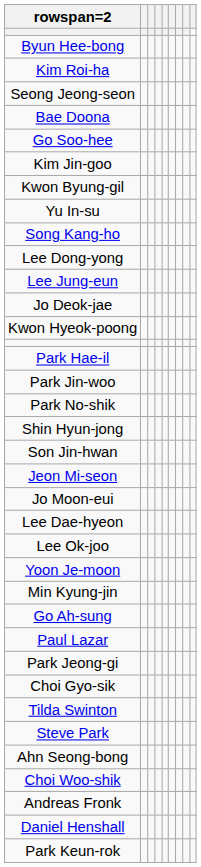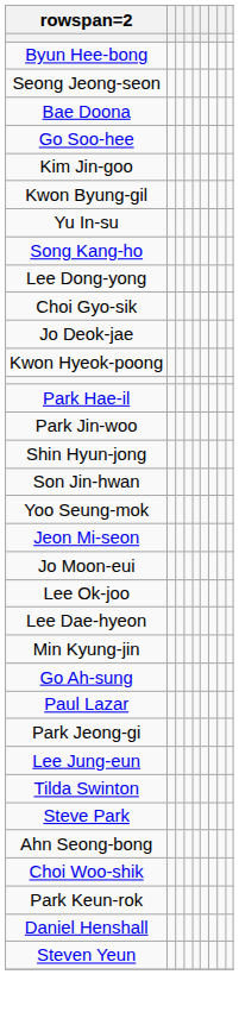 <table class="wikitable plainrowheaders" style="text-align:center;font-size:90%">
 <tr>
 <th>rowspan=2 </th>
 <th></th>
 <th></th>
 <th></th>
 <th></th>
 <th></th>
 <th></th>
 <th></th>
 <th></th>
 </tr>
 <tr>
 <th></th>
 <th></th>
 <th></th>
 <th></th>
 <th></th>
 <th></th>
 <th></th>
 <th></th>
 </tr>
 <tr>
 <td scope="row"><a href='#'>Byun Hee-bong</a></td>
-<td></td>
-<td></td>
-<td></td>
-<td></td>
-<td></td>
-<td></td>
-<td></td>
-<td></td>
-</tr>
-<tr>
-<td scope="row"><a href='#'>Kim Roi-ha</a></td>
 <td></td>
 <td></td>
 <td></td>
 <td></td>
 <td></td>
 <td></td>
 <td></td>
 <td></td>
 </tr>
 <tr>
 <td scope="row">Seong Jeong-seon</td>
 <td></td>
 <td></td>
 <td></td>
 <td></td>
 <td></td>
 <td></td>
 <td></td>
 <td></td>
 </tr>
 <tr>
 <td scope="row"><a href='#'>Bae Doona</a></td>
 <td></td>
 <td></td>
 <td></td>
 <td></td>
 <td></td>
 <td></td>
 <td></td>
 <td></td>
 </tr>
 <tr>
 <td scope="row"><a href='#'>Go Soo-hee</a></td>
 <td></td>
 <td></td>
 <td></td>
 <td></td>
 <td></td>
 <td></td>
 <td></td>
 <td></td>
 </tr>
 <tr>
 <td scope="row">Kim Jin-goo</td>
 <td></td>
 <td></td>
 <td></td>
 <td></td>
 <td></td>
 <td></td>
 <td></td>
 <td></td>
 </tr>
 <tr>
 <td scope="row">Kwon Byung-gil</td>
 <td></td>
 <td></td>
 <td></td>
 <td></td>
 <td></td>
 <td></td>
 <td></td>
 <td></td>
 </tr>
 <tr>
 <td scope="row">Yu In-su</td>
 <td></td>
 <td></td>
 <td></td>
 <td></td>
 <td></td>
 <td></td>
 <td></td>
 <td></td>
 </tr>
 <tr>
 <td scope="row"><a href='#'>Song Kang-ho</a></td>
 <td></td>
 <td></td>
 <td></td>
 <td></td>
 <td></td>
 <td></td>
 <td></td>
 <td></td>
 </tr>
 <tr>
 <td scope="row">Lee Dong-yong</td>
 <td></td>
 <td></td>
 <td></td>
 <td></td>
 <td></td>
 <td></td>
 <td></td>
 <td></td>
 </tr>
 <tr>
-<td scope="row"><a href='#'>Lee Jung-eun</a></td>
+<td scope="row">Choi Gyo-sik</td>
 <td></td>
 <td></td>
 <td></td>
 <td></td>
 <td></td>
 <td></td>
 <td></td>
 <td></td>
 </tr>
 <tr>
 <td scope="row">Jo Deok-jae</td>
 <td></td>
 <td></td>
 <td></td>
 <td></td>
 <td></td>
 <td></td>
 <td></td>
 <td></td>
 </tr>
 <tr>
 <td scope="row">Kwon Hyeok-poong</td>
 <td></td>
 <td></td>
 <td></td>
 <td></td>
 <td></td>
 <td></td>
 <td></td>
 <td></td>
 </tr>
 <tr>
 <td scope="row"></td>
 <td></td>
 <td></td>
 <td></td>
 <td></td>
 <td></td>
 <td></td>
 <td></td>
 <td></td>
 </tr>
 <tr>
 <td scope="row"><a href='#'>Park Hae-il</a></td>
 <td></td>
 <td></td>
 <td></td>
 <td></td>
 <td></td>
 <td></td>
 <td></td>
 <td></td>
 </tr>
 <tr>
 <td scope="row">Park Jin-woo</td>
 <td></td>
 <td></td>
 <td></td>
 <td></td>
 <td></td>
 <td></td>
 <td></td>
 <td></td>
 </tr>
 <tr>
-<td scope="row">Park No-shik</td>
-<td></td>
-<td></td>
-<td></td>
-<td></td>
-<td></td>
-<td></td>
-<td></td>
-<td></td>
-</tr>
-<tr>
 <td scope="row">Shin Hyun-jong</td>
 <td></td>
 <td></td>
 <td></td>
 <td></td>
 <td></td>
 <td></td>
 <td></td>
 <td></td>
 </tr>
 <tr>
 <td scope="row">Son Jin-hwan</td>
+<td></td>
+<td></td>
+<td></td>
+<td></td>
+<td></td>
+<td></td>
+<td></td>
+<td></td>
+</tr>
+<tr>
+<td scope="row">Yoo Seung-mok</td>
 <td></td>
 <td></td>
 <td></td>
 <td></td>
 <td></td>
 <td></td>
 <td></td>
 <td></td>
 </tr>
 <tr>
 <td scope="row"><a href='#'>Jeon Mi-seon</a></td>
 <td></td>
 <td></td>
 <td></td>
 <td></td>
 <td></td>
 <td></td>
 <td></td>
 <td></td>
 </tr>
 <tr>
 <td scope="row">Jo Moon-eui</td>
 <td></td>
 <td></td>
 <td></td>
 <td></td>
 <td></td>
 <td></td>
 <td></td>
 <td></td>
 </tr>
 <tr>
-<td scope="row">Lee Dae-hyeon</td>
-<td></td>
-<td></td>
-<td></td>
-<td></td>
-<td></td>
-<td></td>
-<td></td>
-<td></td>
-</tr>
-<tr>
 <td scope="row">Lee Ok-joo</td>
 <td></td>
 <td></td>
 <td></td>
 <td></td>
 <td></td>
 <td></td>
 <td></td>
 <td></td>
 </tr>
 <tr>
-<td scope="row"><a href='#'>Yoon Je-moon</a></td>
+<td scope="row">Lee Dae-hyeon</td>
 <td></td>
 <td></td>
 <td></td>
 <td></td>
 <td></td>
 <td></td>
 <td></td>
 <td></td>
 </tr>
 <tr>
 <td scope="row">Min Kyung-jin</td>
 <td></td>
 <td></td>
 <td></td>
 <td></td>
 <td></td>
 <td></td>
 <td></td>
 <td></td>
 </tr>
 <tr>
 <td scope="row"><a href='#'>Go Ah-sung</a></td>
 <td></td>
 <td></td>
 <td></td>
 <td></td>
 <td></td>
 <td></td>
 <td></td>
 <td></td>
 </tr>
 <tr>
 <td scope="row"><a href='#'>Paul Lazar</a></td>
 <td></td>
 <td></td>
 <td></td>
 <td></td>
 <td></td>
 <td></td>
 <td></td>
 <td></td>
 </tr>
 <tr>
 <td scope="row">Park Jeong-gi</td>
 <td></td>
 <td></td>
 <td></td>
 <td></td>
 <td></td>
 <td></td>
 <td></td>
 <td></td>
 </tr>
 <tr>
-<td scope="row">Choi Gyo-sik</td>
+<td scope="row"><a href='#'>Lee Jung-eun</a></td>
 <td></td>
 <td></td>
 <td></td>
 <td></td>
 <td></td>
 <td></td>
 <td></td>
 <td></td>
 </tr>
 <tr>
 <td scope="row"><a href='#'>Tilda Swinton</a></td>
 <td></td>
 <td></td>
 <td></td>
 <td></td>
 <td></td>
 <td></td>
 <td></td>
 <td></td>
 </tr>
 <tr>
 <td scope="row"><a href='#'>Steve Park</a></td>
 <td></td>
 <td></td>
 <td></td>
 <td></td>
 <td></td>
 <td></td>
 <td></td>
 <td></td>
 </tr>
 <tr>
 <td scope="row">Ahn Seong-bong</td>
 <td></td>
 <td></td>
 <td></td>
 <td></td>
 <td></td>
 <td></td>
 <td></td>
 <td></td>
 </tr>
 <tr>
 <td scope="row"><a href='#'>Choi Woo-shik</a></td>
 <td></td>
 <td></td>
 <td></td>
 <td></td>
 <td></td>
 <td></td>
 <td></td>
 <td></td>
 </tr>
 <tr>
-<td scope="row">Andreas Fronk</td>
+<td scope="row">Park Keun-rok</td>
 <td></td>
 <td></td>
 <td></td>
 <td></td>
 <td></td>
 <td></td>
 <td></td>
 <td></td>
 </tr>
 <tr>
 <td scope="row"><a href='#'>Daniel Henshall</a></td>
 <td></td>
 <td></td>
 <td></td>
 <td></td>
 <td></td>
 <td></td>
 <td></td>
 <td></td>
 </tr>
 <tr>
-<td scope="row">Park Keun-rok</td>
+<td scope="row"><a href='#'>Steven Yeun</a></td>
 <td></td>
 <td></td>
 <td></td>
 <td></td>
 <td></td>
 <td></td>
 <td></td>
 <td></td>
 </tr>
 <tr>
 </tr>
 </table>
